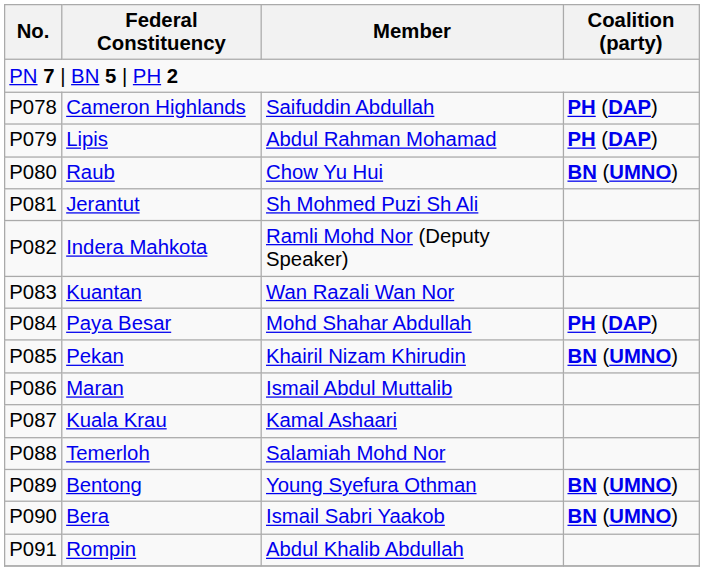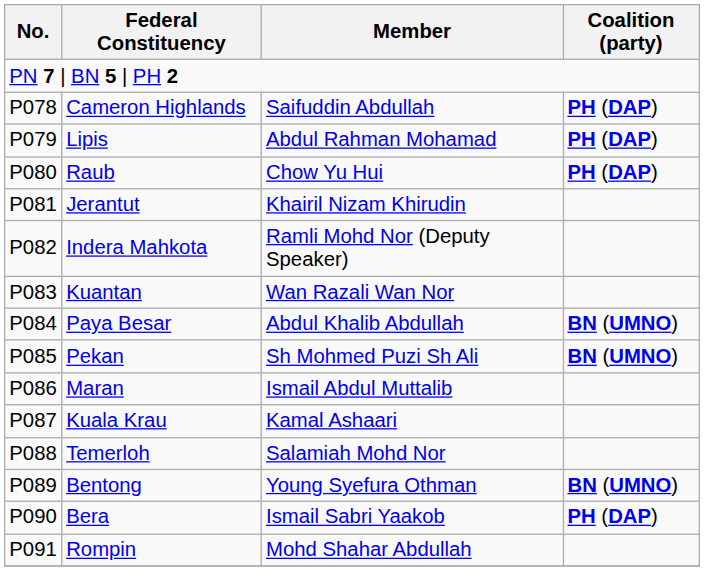 <table class="wikitable sortable">
 <tr>
 <th style="width:30px;">No.</th>
 <th style="width:150px;">Federal Constituency</th>
 <th style="width:230px;">Member</th>
 <th style="width:100px;">Coalition (party)</th>
 </tr>
 <tr>
 <td colspan="4"><a href='#'>PN</a> <strong>7</strong> | <a href='#'>BN</a> <strong>5</strong> | <a href='#'>PH</a> <strong>2</strong></td>
 </tr>
 <tr>
 <td>P078</td>
 <td><a href='#'>Cameron Highlands</a></td>
 <td><a href='#'>Saifuddin Abdullah</a></td>
 <td><strong><a href='#'>PH</a></strong> (<strong><a href='#'>DAP</a></strong>)</td>
 </tr>
 <tr>
 <td>P079</td>
 <td><a href='#'>Lipis</a></td>
 <td><a href='#'>Abdul Rahman Mohamad</a></td>
 <td><strong><a href='#'>PH</a></strong> (<strong><a href='#'>DAP</a></strong>)</td>
 </tr>
 <tr>
 <td>P080</td>
 <td><a href='#'>Raub</a></td>
 <td><a href='#'>Chow Yu Hui</a></td>
-<td><strong><a href='#'>BN</a></strong> (<strong><a href='#'>UMNO</a></strong>)</td>
+<td><strong><a href='#'>PH</a></strong> (<strong><a href='#'>DAP</a></strong>)</td>
 </tr>
 <tr>
 <td>P081</td>
 <td><a href='#'>Jerantut</a></td>
-<td><a href='#'>Sh Mohmed Puzi Sh Ali</a></td>
+<td><a href='#'>Khairil Nizam Khirudin</a></td>
 <td></td>
 </tr>
 <tr>
 <td>P082</td>
 <td><a href='#'>Indera Mahkota</a></td>
 <td><a href='#'>Ramli Mohd Nor</a> (Deputy Speaker)</td>
 <td></td>
 </tr>
 <tr>
 <td>P083</td>
 <td><a href='#'>Kuantan</a></td>
 <td><a href='#'>Wan Razali Wan Nor</a></td>
 <td></td>
 </tr>
 <tr>
 <td>P084</td>
 <td><a href='#'>Paya Besar</a></td>
-<td><a href='#'>Mohd Shahar Abdullah</a></td>
-<td><strong><a href='#'>PH</a></strong> (<strong><a href='#'>DAP</a></strong>)</td>
+<td><a href='#'>Abdul Khalib Abdullah</a></td>
+<td><strong><a href='#'>BN</a></strong> (<strong><a href='#'>UMNO</a></strong>)</td>
 </tr>
 <tr>
 <td>P085</td>
 <td><a href='#'>Pekan</a></td>
-<td><a href='#'>Khairil Nizam Khirudin</a></td>
+<td><a href='#'>Sh Mohmed Puzi Sh Ali</a></td>
 <td><strong><a href='#'>BN</a></strong> (<strong><a href='#'>UMNO</a></strong>)</td>
 </tr>
 <tr>
 <td>P086</td>
 <td><a href='#'>Maran</a></td>
 <td><a href='#'>Ismail Abdul Muttalib</a></td>
 <td></td>
 </tr>
 <tr>
 <td>P087</td>
 <td><a href='#'>Kuala Krau</a></td>
 <td><a href='#'>Kamal Ashaari</a></td>
 <td></td>
 </tr>
 <tr>
 <td>P088</td>
 <td><a href='#'>Temerloh</a></td>
 <td><a href='#'>Salamiah Mohd Nor</a></td>
 <td></td>
 </tr>
 <tr>
 <td>P089</td>
 <td><a href='#'>Bentong</a></td>
 <td><a href='#'>Young Syefura Othman</a></td>
 <td><strong><a href='#'>BN</a></strong> (<strong><a href='#'>UMNO</a></strong>)</td>
 </tr>
 <tr>
 <td>P090</td>
 <td><a href='#'>Bera</a></td>
 <td><a href='#'>Ismail Sabri Yaakob</a></td>
-<td><strong><a href='#'>BN</a></strong> (<strong><a href='#'>UMNO</a></strong>)</td>
+<td><strong><a href='#'>PH</a></strong> (<strong><a href='#'>DAP</a></strong>)</td>
 </tr>
 <tr>
 <td>P091</td>
 <td><a href='#'>Rompin</a></td>
-<td><a href='#'>Abdul Khalib Abdullah</a></td>
+<td><a href='#'>Mohd Shahar Abdullah</a></td>
 <td></td>
 </tr>
 <tr>
 </tr>
 </table>
